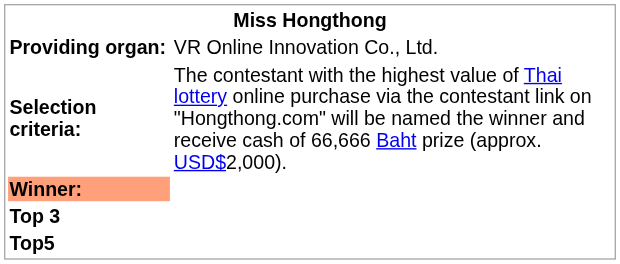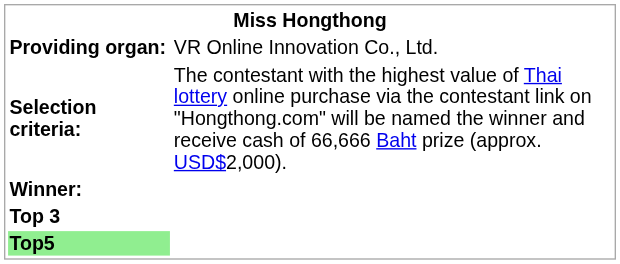 <table style="border-spacing: 2px; border: 1px solid darkgray; font-size: 90%; width: 450px;">
 <tr>
 <td colspan="3" align="center"><strong>Miss Hongthong</strong></td>
 </tr>
 <tr>
 <td width=120px><strong>Providing organ:</strong></td>
 <td colspan="2">VR Online Innovation Co., Ltd.</td>
 </tr>
 <tr>
 <td><strong>Selection criteria:</strong></td>
 <td colspan="5">The contestant with the highest value of <a href='#'>Thai lottery</a> online purchase via the contestant link on "Hongthong.com" will be named the winner and receive cash of 66,666 <a href='#'>Baht</a> prize (approx. <a href='#'>USD$</a>2,000).</td>
 </tr>
 <tr>
-<td style="background: lightsalmon;"><strong>Winner:</strong></td>
+<td><strong>Winner:</strong></td>
 <td colspan="2"><strong></strong></td>
 </tr>
 <tr>
 <td><strong>Top 3</strong></td>
 <td width=165px></td>
 <td width="165px"></td>
 </tr>
 <tr>
-<td><strong>Top5</strong></td>
+<td style="background: lightgreen;"><strong>Top5</strong></td>
 <td></td>
 <td></td>
 </tr>
 </table>
